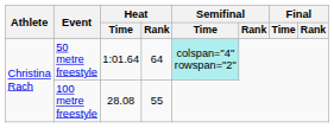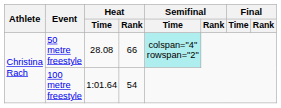 <table class="wikitable" style="text-align:center; font-size:90%; width:50%;">
 <tr>
 <th rowspan="2">Athlete</th>
 <th rowspan="2">Event</th>
 <th colspan="2">Heat</th>
 <th colspan="2">Semifinal</th>
 <th colspan="2">Final</th>
 </tr>
 <tr style="font-size:95%">
 <th>Time</th>
 <th>Rank</th>
 <th>Time</th>
 <th>Rank</th>
 <th>Time</th>
 <th>Rank</th>
 </tr>
 <tr>
 <td align=left rowspan=2><a href='#'>Christina Rach</a></td>
 <td align=left><a href='#'>50 metre freestyle</a></td>
-<td>1:01.64</td>
-<td>64</td>
+<td>28.08</td>
+<td>66</td>
 <td style="background: paleturquoise;">colspan="4" rowspan="2" </td>
 </tr>
 <tr>
 <td align=left><a href='#'>100 metre freestyle</a></td>
-<td>28.08</td>
-<td>55</td>
+<td>1:01.64</td>
+<td>54</td>
 </tr>
 </table>
